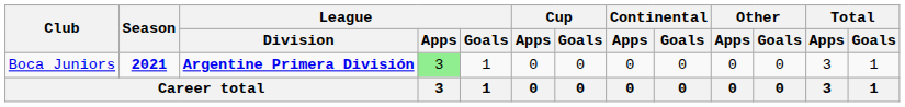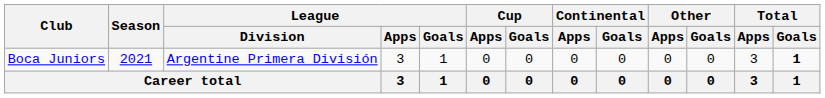 <table class="wikitable" style="text-align: center">
 <tr>
 <th rowspan="2">Club</th>
 <th rowspan="2">Season</th>
 <th colspan="3">League</th>
 <th colspan="2">Cup</th>
 <th colspan="2">Continental</th>
 <th colspan="2">Other</th>
 <th colspan="2">Total</th>
 </tr>
 <tr>
 <th>Division</th>
 <th>Apps</th>
 <th>Goals</th>
 <th>Apps</th>
 <th>Goals</th>
 <th>Apps</th>
 <th>Goals</th>
 <th>Apps</th>
 <th>Goals</th>
 <th>Apps</th>
 <th>Goals</th>
 </tr>
 <tr>
 <td><a href='#'>Boca Juniors</a></td>
-<td><strong><a href='#'>2021</a></strong></td>
-<td><strong><a href='#'>Argentine Primera División</a></strong></td>
-<td style="background: lightgreen;">3</td>
+<td><a href='#'>2021</a></td>
+<td><a href='#'>Argentine Primera División</a></td>
+<td>3</td>
 <td>1</td>
 <td>0</td>
 <td>0</td>
 <td>0</td>
 <td>0</td>
 <td>0</td>
 <td>0</td>
 <td>3</td>
-<td>1</td>
+<td><strong>1</strong></td>
 </tr>
 <tr>
 <th colspan=3>Career total</th>
 <th>3</th>
 <th>1</th>
 <th>0</th>
 <th>0</th>
 <th>0</th>
 <th>0</th>
 <th>0</th>
 <th>0</th>
 <th>3</th>
 <th>1</th>
 </tr>
 </table>
